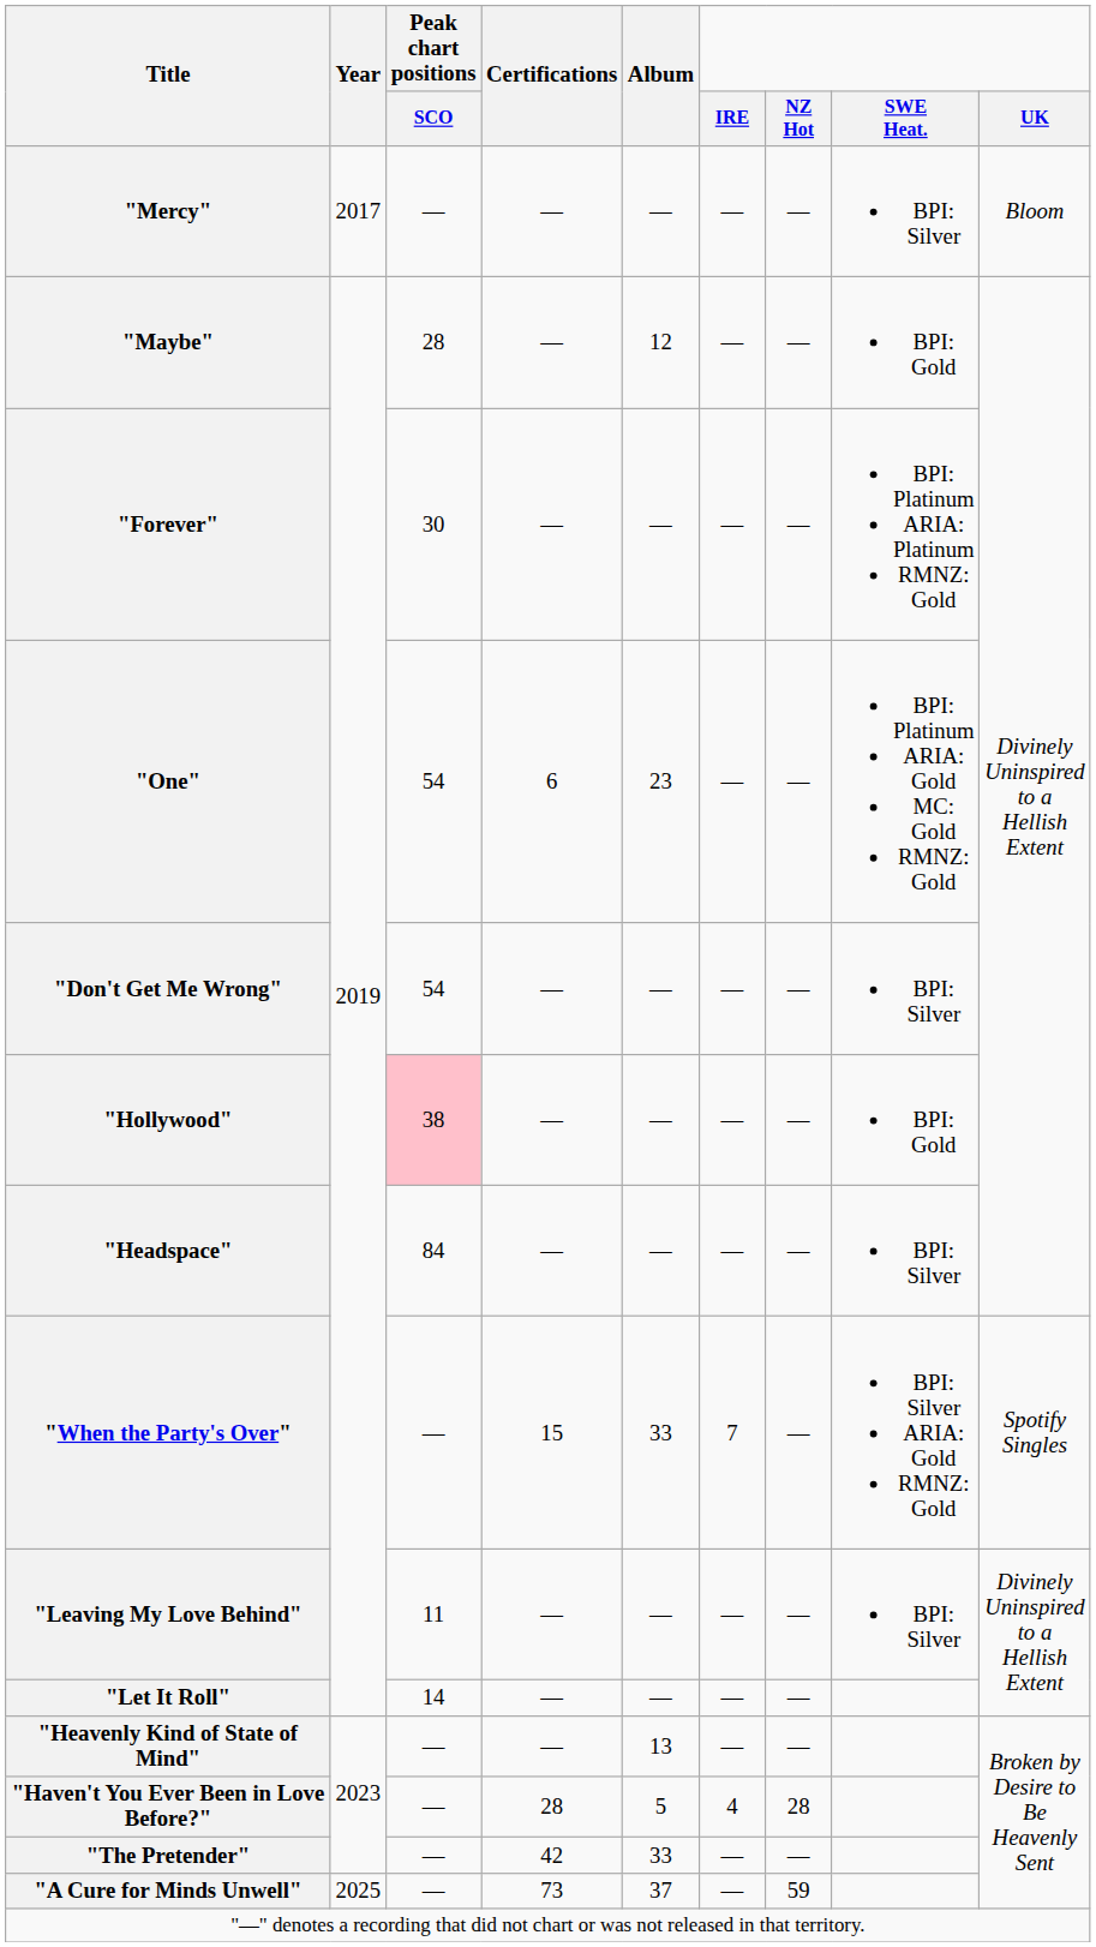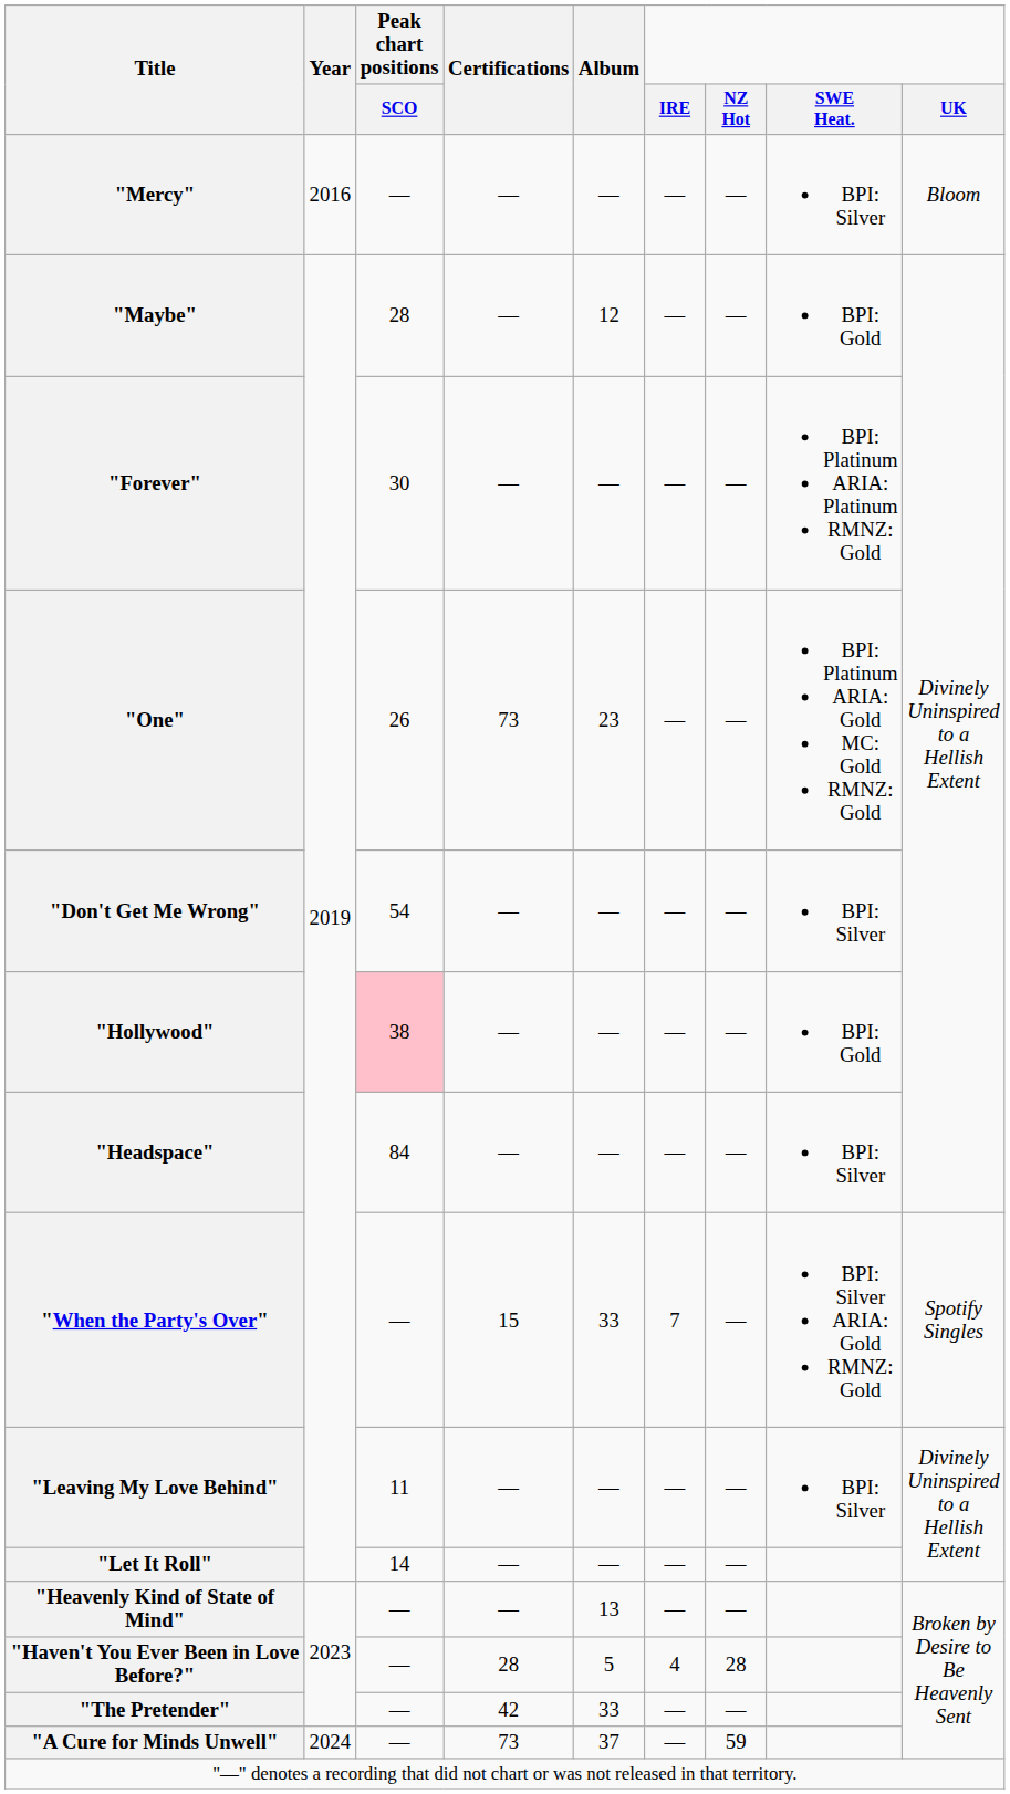 <table class="wikitable plainrowheaders" style="text-align:center;">
 <tr>
 <th scope="col" rowspan="2" style="width:14em;">Title</th>
 <th scope="col" rowspan="2" style="width:1em;">Year</th>
 <th>Peak chart positions</th>
 <th scope="col" rowspan="2">Certifications</th>
 <th scope="col" rowspan="2">Album</th>
 </tr>
 <tr>
 <th scope="col" style="width:3em;font-size:85%;"><a href='#'>SCO</a><br></th>
 <th scope="col" style="width:3em;font-size:85%;"><a href='#'>IRE</a><br></th>
 <th scope="col" style="width:3em;font-size:85%;"><a href='#'>NZ<br>Hot</a><br></th>
 <th scope="col" style="width:3em;font-size:85%;"><a href='#'>SWE<br>Heat.</a><br></th>
 <th scope="col" style="width:3em;font-size:85%;"><a href='#'>UK</a><br></th>
 </tr>
 <tr>
 <th scope="row">"Mercy"</th>
-<td>2017</td>
+<td>2016</td>
 <td>—</td>
 <td>—</td>
 <td>—</td>
 <td>—</td>
 <td>—</td>
 <td><br><ul><li>BPI: Silver</li></ul></td>
 <td><em>Bloom</em></td>
 </tr>
 <tr>
 <th scope="row">"Maybe"</th>
 <td rowspan="9">2019</td>
 <td>28</td>
 <td>—</td>
 <td>12</td>
 <td>—</td>
 <td>—</td>
 <td><br><ul><li>BPI: Gold</li></ul></td>
 <td rowspan="6"><em>Divinely Uninspired to a Hellish Extent</em></td>
 </tr>
 <tr>
 <th scope="row">"Forever"</th>
 <td>30</td>
 <td>—</td>
 <td>—</td>
 <td>—</td>
 <td>—</td>
 <td><br><ul><li>BPI: Platinum</li><li>ARIA: Platinum</li><li>RMNZ: Gold</li></ul></td>
 </tr>
 <tr>
 <th scope="row">"One"</th>
-<td>54</td>
-<td>6</td>
+<td>26</td>
+<td>73<br></td>
 <td>23</td>
 <td>—</td>
 <td>—</td>
 <td><br><ul><li>BPI: Platinum</li><li>ARIA: Gold</li><li>MC: Gold</li><li>RMNZ: Gold</li></ul></td>
 </tr>
 <tr>
 <th scope="row">"Don't Get Me Wrong"</th>
 <td>54</td>
 <td>—</td>
 <td>—</td>
 <td>—</td>
 <td>—</td>
 <td><br><ul><li>BPI: Silver</li></ul></td>
 </tr>
 <tr>
 <th scope="row">"Hollywood"</th>
 <td style="background: pink;">38</td>
 <td>—</td>
 <td>—</td>
 <td>—</td>
 <td>— </td>
 <td><br><ul><li>BPI: Gold</li></ul></td>
 </tr>
 <tr>
 <th scope="row">"Headspace"</th>
 <td>84</td>
 <td>—</td>
 <td>—</td>
 <td>—</td>
 <td>—</td>
 <td><br><ul><li>BPI: Silver</li></ul></td>
 </tr>
 <tr>
 <th scope="row">"<a href='#'>When the Party's Over</a>"</th>
 <td>—</td>
 <td>15</td>
 <td>33</td>
 <td>7</td>
 <td>—</td>
 <td><br><ul><li>BPI: Silver</li><li>ARIA: Gold</li><li>RMNZ: Gold</li></ul></td>
 <td><em>Spotify Singles</em></td>
 </tr>
 <tr>
 <th scope="row">"Leaving My Love Behind"</th>
 <td>11</td>
 <td>—</td>
 <td>—</td>
 <td>—</td>
 <td>—</td>
 <td><br><ul><li>BPI: Silver</li></ul></td>
 <td rowspan="2"><em>Divinely Uninspired to a Hellish Extent</em></td>
 </tr>
 <tr>
 <th scope="row">"Let It Roll"</th>
 <td>14</td>
 <td>—</td>
 <td>—</td>
 <td>—</td>
 <td>—</td>
 <td></td>
 </tr>
 <tr>
 <th scope="row">"Heavenly Kind of State of Mind"</th>
 <td rowspan="3">2023</td>
 <td>—</td>
 <td>—</td>
 <td>13</td>
 <td>—</td>
 <td>—</td>
 <td></td>
 <td rowspan="4"><em>Broken by Desire to Be Heavenly Sent</em></td>
 </tr>
 <tr>
 <th scope="row">"Haven't You Ever Been in Love Before?"</th>
 <td>—</td>
 <td>28</td>
 <td>5</td>
 <td>4</td>
 <td>28</td>
 <td></td>
 </tr>
 <tr>
 <th scope="row">"The Pretender"</th>
 <td>—</td>
 <td>42</td>
 <td>33</td>
 <td>—</td>
 <td>—</td>
 <td></td>
 </tr>
 <tr>
 <th scope="row">"A Cure for Minds Unwell"</th>
-<td>2025</td>
+<td>2024</td>
 <td>—</td>
 <td>73<br></td>
 <td>37</td>
 <td>—</td>
 <td>59</td>
 <td></td>
 </tr>
 <tr>
 <td colspan="16" style="font-size:90%">"—" denotes a recording that did not chart or was not released in that territory.</td>
 </tr>
 </table>
